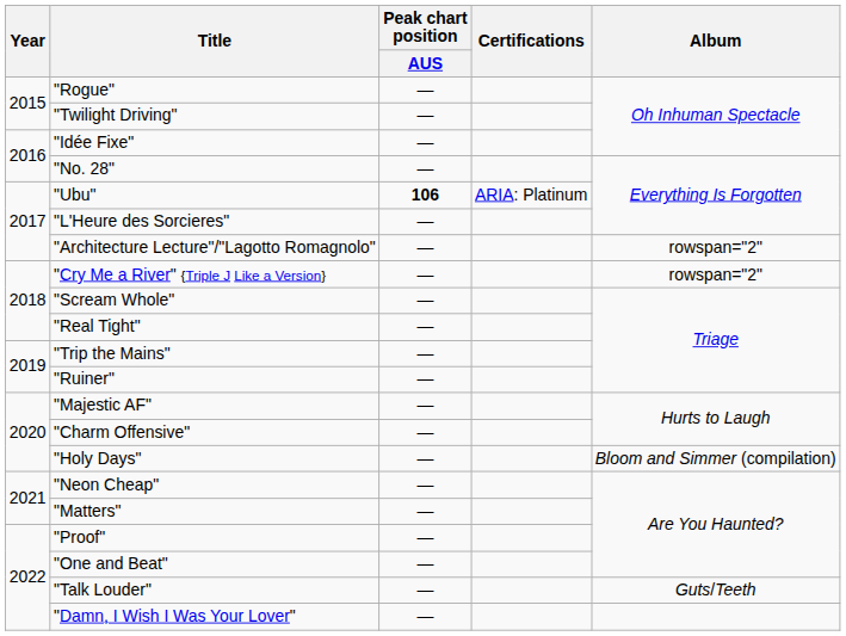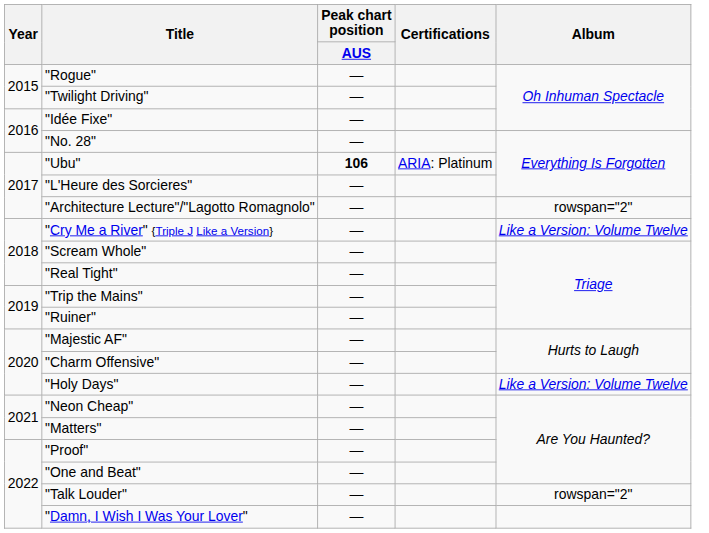 <table class="wikitable" style="text-align:center;">
 <tr>
 <th scope="col" rowspan="2">Year</th>
 <th scope="col" rowspan="2">Title</th>
 <th colspan="1">Peak chart<br>position</th>
 <th scope="col" rowspan="2">Certifications</th>
 <th scope="col" rowspan="2">Album</th>
 </tr>
 <tr>
 <th><a href='#'>AUS</a></th>
 </tr>
 <tr>
 <td rowspan="2">2015</td>
 <td style="text-align:left;">"Rogue"</td>
 <td>—</td>
 <td></td>
 <td rowspan="3"><em><a href='#'>Oh Inhuman Spectacle</a></em></td>
 </tr>
 <tr>
 <td style="text-align:left;">"Twilight Driving"</td>
 <td>—</td>
 <td></td>
 </tr>
 <tr>
 <td rowspan="2">2016</td>
 <td style="text-align:left;">"Idée Fixe"</td>
 <td>—</td>
 <td></td>
 </tr>
 <tr>
 <td style="text-align:left;">"No. 28"</td>
 <td>—</td>
 <td></td>
 <td rowspan="3"><em><a href='#'>Everything Is Forgotten</a></em></td>
 </tr>
 <tr>
 <td rowspan="3">2017</td>
 <td style="text-align:left;">"Ubu"</td>
 <td><strong>106</strong></td>
 <td><a href='#'>ARIA</a>: Platinum</td>
 </tr>
 <tr>
 <td style="text-align:left;">"L'Heure des Sorcieres"</td>
 <td>—</td>
 <td></td>
 </tr>
 <tr>
 <td style="text-align:left;">"Architecture Lecture"/"Lagotto Romagnolo"</td>
 <td>—</td>
 <td></td>
 <td>rowspan="2" </td>
 </tr>
 <tr>
 <td rowspan="3">2018</td>
 <td style="text-align:left;">"<a href='#'>Cry Me a River</a>" <small>{<a href='#'>Triple J</a> <a href='#'>Like a Version</a>}</small></td>
 <td>—</td>
 <td></td>
-<td>rowspan="2" </td>
+<td><em><a href='#'>Like a Version: Volume Twelve</a></em></td>
 </tr>
 <tr>
 <td style="text-align:left;">"Scream Whole"</td>
 <td>—</td>
 <td></td>
 <td rowspan="4"><em><a href='#'>Triage</a></em></td>
 </tr>
 <tr>
 <td style="text-align:left;">"Real Tight"</td>
 <td>—</td>
 <td></td>
 </tr>
 <tr>
 <td rowspan="2">2019</td>
 <td style="text-align:left;">"Trip the Mains"</td>
 <td>—</td>
 <td></td>
 </tr>
 <tr>
 <td style="text-align:left;">"Ruiner"</td>
 <td>—</td>
 <td></td>
 </tr>
 <tr>
 <td rowspan="3">2020</td>
 <td style="text-align:left;">"Majestic AF"</td>
 <td>—</td>
 <td></td>
 <td rowspan="2"><em>Hurts to Laugh</em></td>
 </tr>
 <tr>
 <td style="text-align:left;">"Charm Offensive"</td>
 <td>—</td>
 <td></td>
 </tr>
 <tr>
 <td style="text-align:left;">"Holy Days"</td>
 <td>—</td>
 <td></td>
-<td><em>Bloom and Simmer</em> (compilation)</td>
+<td><em><a href='#'>Like a Version: Volume Twelve</a></em></td>
 </tr>
 <tr>
 <td rowspan="2">2021</td>
 <td style="text-align:left;">"Neon Cheap"</td>
 <td>—</td>
 <td></td>
 <td rowspan="4"><em>Are You Haunted?</em></td>
 </tr>
 <tr>
 <td style="text-align:left;">"Matters"</td>
 <td>—</td>
 <td></td>
 </tr>
 <tr>
 <td rowspan="4">2022</td>
 <td style="text-align:left;">"Proof"<br></td>
 <td>—</td>
 <td></td>
 </tr>
 <tr>
 <td style="text-align:left;">"One and Beat"</td>
 <td>—</td>
 <td></td>
 </tr>
 <tr>
 <td style="text-align:left;">"Talk Louder"</td>
 <td>—</td>
 <td></td>
-<td><em>Guts</em>/<em>Teeth</em></td>
+<td>rowspan="2" </td>
 </tr>
 <tr>
 <td style="text-align:left;">"<a href='#'>Damn, I Wish I Was Your Lover</a>"<br></td>
 <td>—</td>
 <td></td>
 </tr>
 </table>
